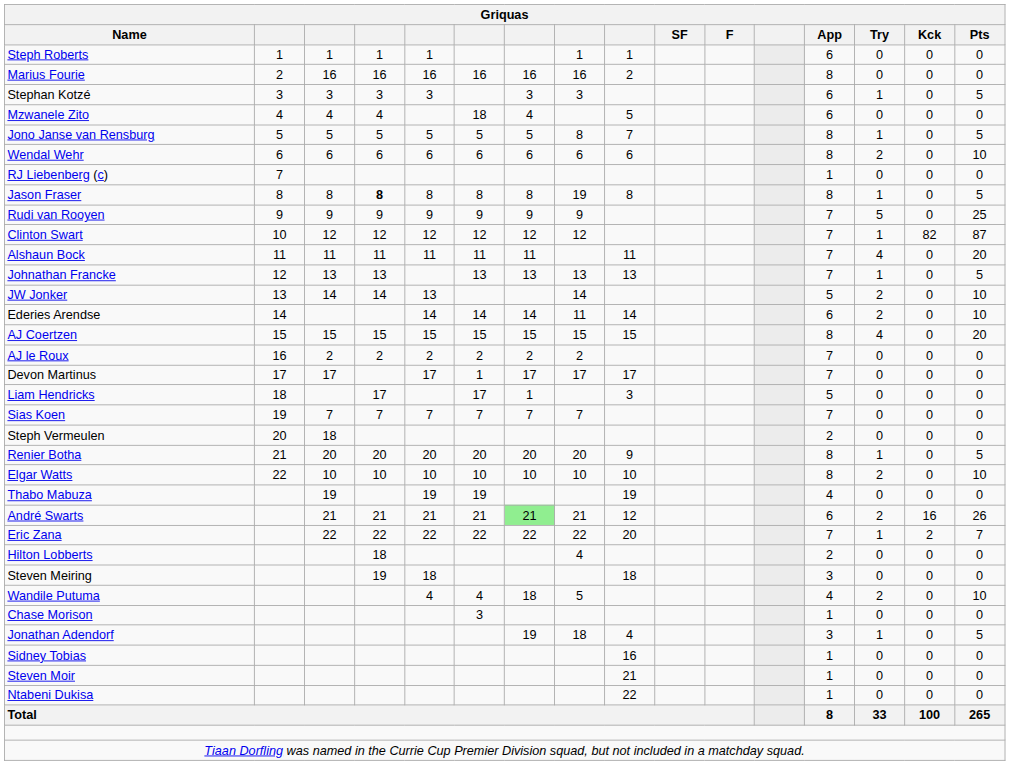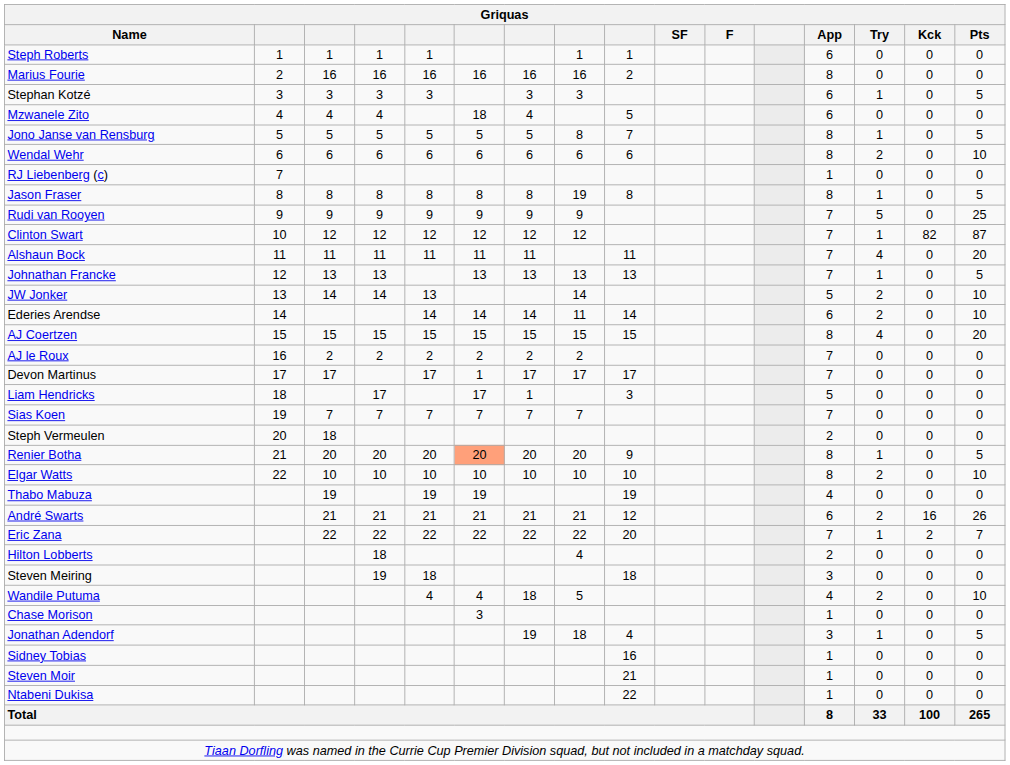 <table class="wikitable collapsible collapsed sortable" style="text-align:center; font-size:90%; width:90%">
 <tr>
 <th colspan="100%">Griquas</th>
 </tr>
 <tr>
 <th style="width:25%;">Name</th>
 <th style="width:5%;"></th>
 <th style="width:5%;"></th>
 <th style="width:5%;"></th>
 <th style="width:5%;"></th>
 <th style="width:5%;"></th>
 <th style="width:5%;"></th>
 <th style="width:5%;"></th>
 <th style="width:5%;"></th>
 <th style="width:5%;">SF</th>
 <th style="width:5%;">F</th>
 <th style="width:5%;"></th>
 <th style="width:5%;">App</th>
 <th style="width:5%;">Try</th>
 <th style="width:5%;">Kck</th>
 <th style="width:5%;">Pts</th>
 </tr>
 <tr>
 <td style="text-align:left;"><a href='#'>Steph Roberts</a></td>
 <td>1</td>
 <td>1</td>
 <td>1</td>
 <td>1</td>
 <td></td>
 <td></td>
 <td>1</td>
 <td>1</td>
 <td></td>
 <td></td>
 <td style="background:#ECECEC;"></td>
 <td>6</td>
 <td>0</td>
 <td>0</td>
 <td>0</td>
 </tr>
 <tr>
 <td style="text-align:left;"><a href='#'>Marius Fourie</a></td>
 <td>2</td>
 <td>16 </td>
 <td>16 </td>
 <td>16 </td>
 <td>16 </td>
 <td>16 </td>
 <td>16 </td>
 <td>2</td>
 <td></td>
 <td></td>
 <td style="background:#ECECEC;"></td>
 <td>8</td>
 <td>0</td>
 <td>0</td>
 <td>0</td>
 </tr>
 <tr>
 <td style="text-align:left;">Stephan Kotzé</td>
 <td>3</td>
 <td>3</td>
 <td>3</td>
 <td>3</td>
 <td></td>
 <td>3</td>
 <td>3</td>
 <td></td>
 <td></td>
 <td></td>
 <td style="background:#ECECEC;"></td>
 <td>6</td>
 <td>1</td>
 <td>0</td>
 <td>5</td>
 </tr>
 <tr>
 <td style="text-align:left;"><a href='#'>Mzwanele Zito</a></td>
 <td>4</td>
 <td>4</td>
 <td>4</td>
 <td></td>
 <td>18 </td>
 <td>4</td>
 <td></td>
 <td>5</td>
 <td></td>
 <td></td>
 <td style="background:#ECECEC;"></td>
 <td>6</td>
 <td>0</td>
 <td>0</td>
 <td>0</td>
 </tr>
 <tr>
 <td style="text-align:left;"><a href='#'>Jono Janse van Rensburg</a></td>
 <td>5</td>
 <td>5</td>
 <td>5</td>
 <td>5</td>
 <td>5</td>
 <td>5</td>
 <td>8</td>
 <td>7</td>
 <td></td>
 <td></td>
 <td style="background:#ECECEC;"></td>
 <td>8</td>
 <td>1</td>
 <td>0</td>
 <td>5</td>
 </tr>
 <tr>
 <td style="text-align:left;"><a href='#'>Wendal Wehr</a></td>
 <td>6</td>
 <td>6</td>
 <td>6</td>
 <td>6</td>
 <td>6</td>
 <td>6</td>
 <td>6</td>
 <td>6</td>
 <td></td>
 <td></td>
 <td style="background:#ECECEC;"></td>
 <td>8</td>
 <td>2</td>
 <td>0</td>
 <td>10</td>
 </tr>
 <tr>
 <td style="text-align:left;"><a href='#'>RJ Liebenberg</a> (<a href='#'>c</a>)</td>
 <td>7</td>
 <td></td>
 <td></td>
 <td></td>
 <td></td>
 <td></td>
 <td></td>
 <td></td>
 <td></td>
 <td></td>
 <td style="background:#ECECEC;"></td>
 <td>1</td>
 <td>0</td>
 <td>0</td>
 <td>0</td>
 </tr>
 <tr>
 <td style="text-align:left;"><a href='#'>Jason Fraser</a></td>
 <td>8</td>
 <td>8</td>
-<td><strong>8</strong></td>
+<td>8</td>
 <td>8</td>
 <td>8</td>
 <td>8</td>
 <td>19 </td>
 <td>8</td>
 <td></td>
 <td></td>
 <td style="background:#ECECEC;"></td>
 <td>8</td>
 <td>1</td>
 <td>0</td>
 <td>5</td>
 </tr>
 <tr>
 <td style="text-align:left;"><a href='#'>Rudi van Rooyen</a></td>
 <td>9</td>
 <td>9</td>
 <td>9</td>
 <td>9</td>
 <td>9</td>
 <td>9</td>
 <td>9</td>
 <td></td>
 <td></td>
 <td></td>
 <td style="background:#ECECEC;"></td>
 <td>7</td>
 <td>5</td>
 <td>0</td>
 <td>25</td>
 </tr>
 <tr>
 <td style="text-align:left;"><a href='#'>Clinton Swart</a></td>
 <td>10</td>
 <td>12</td>
 <td>12</td>
 <td>12</td>
 <td>12</td>
 <td>12</td>
 <td>12</td>
 <td></td>
 <td></td>
 <td></td>
 <td style="background:#ECECEC;"></td>
 <td>7</td>
 <td>1</td>
 <td>82</td>
 <td>87</td>
 </tr>
 <tr>
 <td style="text-align:left;"><a href='#'>Alshaun Bock</a></td>
 <td>11</td>
 <td>11</td>
 <td>11</td>
 <td>11</td>
 <td>11</td>
 <td>11</td>
 <td></td>
 <td>11</td>
 <td></td>
 <td></td>
 <td style="background:#ECECEC;"></td>
 <td>7</td>
 <td>4</td>
 <td>0</td>
 <td>20</td>
 </tr>
 <tr>
 <td style="text-align:left;"><a href='#'>Johnathan Francke</a></td>
 <td>12</td>
 <td>13</td>
 <td>13</td>
 <td></td>
 <td>13</td>
 <td>13</td>
 <td>13</td>
 <td>13</td>
 <td></td>
 <td></td>
 <td style="background:#ECECEC;"></td>
 <td>7</td>
 <td>1</td>
 <td>0</td>
 <td>5</td>
 </tr>
 <tr>
 <td style="text-align:left;"><a href='#'>JW Jonker</a></td>
 <td>13</td>
 <td>14</td>
 <td>14</td>
 <td>13</td>
 <td></td>
 <td></td>
 <td>14</td>
 <td></td>
 <td></td>
 <td></td>
 <td style="background:#ECECEC;"></td>
 <td>5</td>
 <td>2</td>
 <td>0</td>
 <td>10</td>
 </tr>
 <tr>
 <td style="text-align:left;">Ederies Arendse</td>
 <td>14</td>
 <td></td>
 <td></td>
 <td>14</td>
 <td>14</td>
 <td>14</td>
 <td>11</td>
 <td>14</td>
 <td></td>
 <td></td>
 <td style="background:#ECECEC;"></td>
 <td>6</td>
 <td>2</td>
 <td>0</td>
 <td>10</td>
 </tr>
 <tr>
 <td style="text-align:left;"><a href='#'>AJ Coertzen</a></td>
 <td>15</td>
 <td>15</td>
 <td>15</td>
 <td>15</td>
 <td>15</td>
 <td>15</td>
 <td>15</td>
 <td>15</td>
 <td></td>
 <td></td>
 <td style="background:#ECECEC;"></td>
 <td>8</td>
 <td>4</td>
 <td>0</td>
 <td>20</td>
 </tr>
 <tr>
 <td style="text-align:left;"><a href='#'>AJ le Roux</a></td>
 <td>16 </td>
 <td>2</td>
 <td>2</td>
 <td>2</td>
 <td>2</td>
 <td>2</td>
 <td>2</td>
 <td></td>
 <td></td>
 <td></td>
 <td style="background:#ECECEC;"></td>
 <td>7</td>
 <td>0</td>
 <td>0</td>
 <td>0</td>
 </tr>
 <tr>
 <td style="text-align:left;">Devon Martinus</td>
 <td>17 </td>
 <td>17 </td>
 <td></td>
 <td>17 </td>
 <td>1</td>
 <td>17 </td>
 <td>17 </td>
 <td>17 </td>
 <td></td>
 <td></td>
 <td style="background:#ECECEC;"></td>
 <td>7</td>
 <td>0</td>
 <td>0</td>
 <td>0</td>
 </tr>
 <tr>
 <td style="text-align:left;"><a href='#'>Liam Hendricks</a></td>
 <td>18 </td>
 <td></td>
 <td>17 </td>
 <td></td>
 <td>17 </td>
 <td>1</td>
 <td></td>
 <td>3</td>
 <td></td>
 <td></td>
 <td style="background:#ECECEC;"></td>
 <td>5</td>
 <td>0</td>
 <td>0</td>
 <td>0</td>
 </tr>
 <tr>
 <td style="text-align:left;"><a href='#'>Sias Koen</a></td>
 <td>19 </td>
 <td>7</td>
 <td>7</td>
 <td>7</td>
 <td>7</td>
 <td>7</td>
 <td>7</td>
 <td></td>
 <td></td>
 <td></td>
 <td style="background:#ECECEC;"></td>
 <td>7</td>
 <td>0</td>
 <td>0</td>
 <td>0</td>
 </tr>
 <tr>
 <td style="text-align:left;">Steph Vermeulen</td>
 <td>20 </td>
 <td>18 </td>
 <td></td>
 <td></td>
 <td></td>
 <td></td>
 <td></td>
 <td></td>
 <td></td>
 <td></td>
 <td style="background:#ECECEC;"></td>
 <td>2</td>
 <td>0</td>
 <td>0</td>
 <td>0</td>
 </tr>
 <tr>
 <td style="text-align:left;"><a href='#'>Renier Botha</a></td>
 <td>21 </td>
 <td>20 </td>
 <td>20 </td>
 <td>20 </td>
-<td>20 </td>
+<td style="background: lightsalmon;">20 </td>
 <td>20 </td>
 <td>20 </td>
 <td>9</td>
 <td></td>
 <td></td>
 <td style="background:#ECECEC;"></td>
 <td>8</td>
 <td>1</td>
 <td>0</td>
 <td>5</td>
 </tr>
 <tr>
 <td style="text-align:left;"><a href='#'>Elgar Watts</a></td>
 <td>22 </td>
 <td>10</td>
 <td>10</td>
 <td>10</td>
 <td>10</td>
 <td>10</td>
 <td>10</td>
 <td>10</td>
 <td></td>
 <td></td>
 <td style="background:#ECECEC;"></td>
 <td>8</td>
 <td>2</td>
 <td>0</td>
 <td>10</td>
 </tr>
 <tr>
 <td style="text-align:left;"><a href='#'>Thabo Mabuza</a></td>
 <td></td>
 <td>19 </td>
 <td></td>
 <td>19 </td>
 <td>19 </td>
 <td></td>
 <td></td>
 <td>19 </td>
 <td></td>
 <td></td>
 <td style="background:#ECECEC;"></td>
 <td>4</td>
 <td>0</td>
 <td>0</td>
 <td>0</td>
 </tr>
 <tr>
 <td style="text-align:left;"><a href='#'>André Swarts</a></td>
 <td></td>
 <td>21 </td>
 <td>21</td>
 <td>21 </td>
 <td>21 </td>
-<td style="background: lightgreen;">21 </td>
+<td>21 </td>
 <td>21 </td>
 <td>12</td>
 <td></td>
 <td></td>
 <td style="background:#ECECEC;"></td>
 <td>6</td>
 <td>2</td>
 <td>16</td>
 <td>26</td>
 </tr>
 <tr>
 <td style="text-align:left;"><a href='#'>Eric Zana</a></td>
 <td></td>
 <td>22 </td>
 <td>22 </td>
 <td>22 </td>
 <td>22 </td>
 <td>22 </td>
 <td>22 </td>
 <td>20 </td>
 <td></td>
 <td></td>
 <td style="background:#ECECEC;"></td>
 <td>7</td>
 <td>1</td>
 <td>2</td>
 <td>7</td>
 </tr>
 <tr>
 <td style="text-align:left;"><a href='#'>Hilton Lobberts</a></td>
 <td></td>
 <td></td>
 <td>18 </td>
 <td></td>
 <td></td>
 <td></td>
 <td>4</td>
 <td></td>
 <td></td>
 <td></td>
 <td style="background:#ECECEC;"></td>
 <td>2</td>
 <td>0</td>
 <td>0</td>
 <td>0</td>
 </tr>
 <tr>
 <td style="text-align:left;">Steven Meiring</td>
 <td></td>
 <td></td>
 <td>19 </td>
 <td>18 </td>
 <td></td>
 <td></td>
 <td></td>
 <td>18 </td>
 <td></td>
 <td></td>
 <td style="background:#ECECEC;"></td>
 <td>3</td>
 <td>0</td>
 <td>0</td>
 <td>0</td>
 </tr>
 <tr>
 <td style="text-align:left;"><a href='#'>Wandile Putuma</a></td>
 <td></td>
 <td></td>
 <td></td>
 <td>4</td>
 <td>4</td>
 <td>18 </td>
 <td>5</td>
 <td></td>
 <td></td>
 <td></td>
 <td style="background:#ECECEC;"></td>
 <td>4</td>
 <td>2</td>
 <td>0</td>
 <td>10</td>
 </tr>
 <tr>
 <td style="text-align:left;"><a href='#'>Chase Morison</a></td>
 <td></td>
 <td></td>
 <td></td>
 <td></td>
 <td>3</td>
 <td></td>
 <td></td>
 <td></td>
 <td></td>
 <td></td>
 <td style="background:#ECECEC;"></td>
 <td>1</td>
 <td>0</td>
 <td>0</td>
 <td>0</td>
 </tr>
 <tr>
 <td style="text-align:left;"><a href='#'>Jonathan Adendorf</a></td>
 <td></td>
 <td></td>
 <td></td>
 <td></td>
 <td></td>
 <td>19 </td>
 <td>18 </td>
 <td>4</td>
 <td></td>
 <td></td>
 <td style="background:#ECECEC;"></td>
 <td>3</td>
 <td>1</td>
 <td>0</td>
 <td>5</td>
 </tr>
 <tr>
 <td style="text-align:left;"><a href='#'>Sidney Tobias</a></td>
 <td></td>
 <td></td>
 <td></td>
 <td></td>
 <td></td>
 <td></td>
 <td></td>
 <td>16 </td>
 <td></td>
 <td></td>
 <td style="background:#ECECEC;"></td>
 <td>1</td>
 <td>0</td>
 <td>0</td>
 <td>0</td>
 </tr>
 <tr>
 <td style="text-align:left;"><a href='#'>Steven Moir</a></td>
 <td></td>
 <td></td>
 <td></td>
 <td></td>
 <td></td>
 <td></td>
 <td></td>
 <td>21 </td>
 <td></td>
 <td></td>
 <td style="background:#ECECEC;"></td>
 <td>1</td>
 <td>0</td>
 <td>0</td>
 <td>0</td>
 </tr>
 <tr>
 <td style="text-align:left;"><a href='#'>Ntabeni Dukisa</a></td>
 <td></td>
 <td></td>
 <td></td>
 <td></td>
 <td></td>
 <td></td>
 <td></td>
 <td>22 </td>
 <td></td>
 <td></td>
 <td style="background:#ECECEC;"></td>
 <td>1</td>
 <td>0</td>
 <td>0</td>
 <td>0</td>
 </tr>
 <tr>
 <th colspan="11" style="text-align:left;">Total</th>
 <th style="background:#ECECEC;"></th>
 <th>8</th>
 <th>33</th>
 <th>100</th>
 <th>265</th>
 </tr>
 <tr>
 <td colspan="100%" style="height: 10px;"></td>
 </tr>
 <tr>
 <td colspan="100%" style="text-align:center;"><em><a href='#'>Tiaan Dorfling</a> was named in the Currie Cup Premier Division squad, but not included in a matchday squad.</em></td>
 </tr>
 </table>
